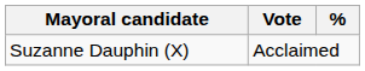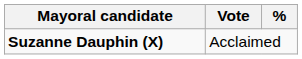 <table class="wikitable">
 <tr>
 <th bgcolor="#DDDDFF" width="200px">Mayoral candidate</th>
 <th bgcolor="#DDDDFF" width="50px">Vote</th>
 <th bgcolor="#DDDDFF"  width="30px">%</th>
 </tr>
 <tr>
-<td>Suzanne Dauphin (X)</td>
+<td><strong>Suzanne Dauphin (X)</strong></td>
 <td colspan="2">Acclaimed</td>
 </tr>
 </table>
